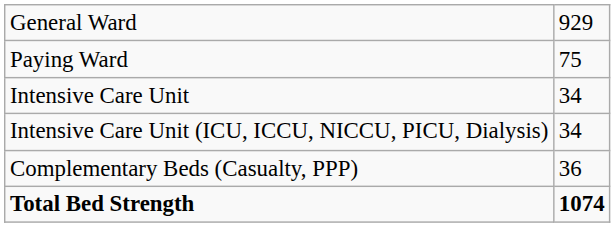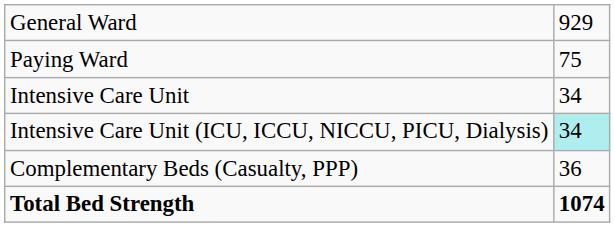 <table class="wikitable">
 <tr>
 <td>General Ward</td>
 <td>929</td>
 </tr>
 <tr>
 <td>Paying Ward</td>
 <td>75</td>
 </tr>
 <tr>
 <td>Intensive Care Unit</td>
 <td>34</td>
 </tr>
 <tr>
 <td>Intensive Care Unit (ICU, ICCU, NICCU, PICU, Dialysis)</td>
-<td>34</td>
+<td style="background: paleturquoise;">34</td>
 </tr>
 <tr>
 <td>Complementary Beds (Casualty, PPP)</td>
 <td>36</td>
 </tr>
 <tr>
 <td><strong>Total Bed Strength</strong></td>
 <td><strong>1074</strong></td>
 </tr>
 </table>
